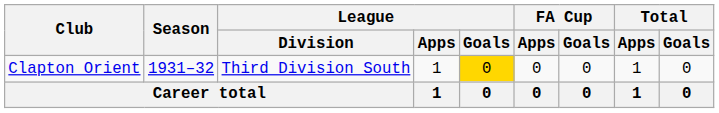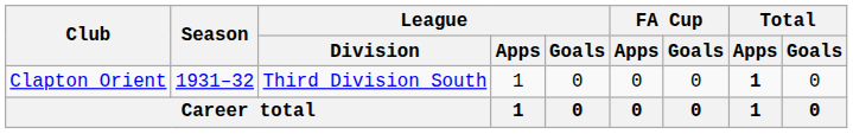 <table class="wikitable" style="text-align:center">
 <tr>
 <th rowspan="2">Club</th>
 <th rowspan="2">Season</th>
 <th colspan="3">League</th>
 <th colspan="2">FA Cup</th>
 <th colspan="2">Total</th>
 </tr>
 <tr>
 <th>Division</th>
 <th>Apps</th>
 <th>Goals</th>
 <th>Apps</th>
 <th>Goals</th>
 <th>Apps</th>
 <th>Goals</th>
 </tr>
 <tr>
 <td><a href='#'>Clapton Orient</a></td>
 <td><a href='#'>1931–32</a></td>
 <td><a href='#'>Third Division South</a></td>
 <td>1</td>
-<td style="background: gold;">0</td>
 <td>0</td>
 <td>0</td>
-<td>1</td>
+<td>0</td>
+<td><strong>1</strong></td>
 <td>0</td>
 </tr>
 <tr>
 <th colspan="3">Career total</th>
 <th>1</th>
 <th>0</th>
 <th>0</th>
 <th>0</th>
 <th>1</th>
 <th>0</th>
 </tr>
 </table>
